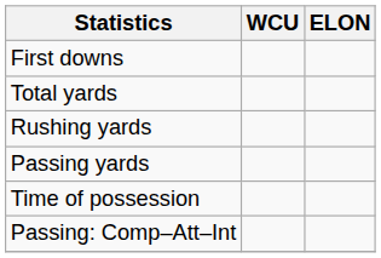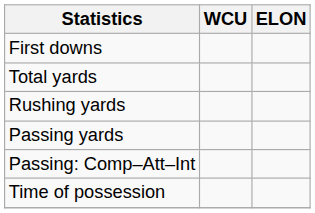 <table class="wikitable" style="float: left;">
 <tr>
 <th>Statistics</th>
 <th>WCU</th>
 <th>ELON</th>
 </tr>
 <tr>
 <td>First downs</td>
 <td></td>
 <td></td>
 </tr>
 <tr>
 <td>Total yards</td>
 <td></td>
 <td></td>
 </tr>
 <tr>
 <td>Rushing yards</td>
 <td></td>
 <td></td>
 </tr>
 <tr>
 <td>Passing yards</td>
 <td></td>
 <td></td>
 </tr>
 <tr>
-<td>Time of possession</td>
+<td>Passing: Comp–Att–Int</td>
 <td></td>
 <td></td>
 </tr>
 <tr>
-<td>Passing: Comp–Att–Int</td>
+<td>Time of possession</td>
 <td></td>
 <td></td>
 </tr>
 <tr>
 </tr>
 </table>
